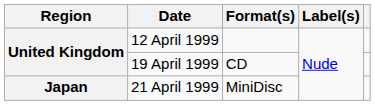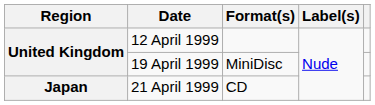 <table class="wikitable plainrowheaders">
 <tr>
 <th scope="col">Region</th>
 <th scope="col">Date</th>
 <th scope="col">Format(s)</th>
 <th scope="col">Label(s)</th>
 <th scope="col"></th>
 </tr>
 <tr>
 <th scope="row" rowspan="2">United Kingdom</th>
 <td>12 April 1999</td>
 <td></td>
 <td rowspan="3"><a href='#'>Nude</a></td>
 <td></td>
 </tr>
 <tr>
 <td>19 April 1999</td>
-<td>CD</td>
+<td>MiniDisc</td>
 <td></td>
 </tr>
 <tr>
 <th scope="row">Japan</th>
 <td>21 April 1999</td>
-<td>MiniDisc</td>
+<td>CD</td>
 <td></td>
 </tr>
 </table>
